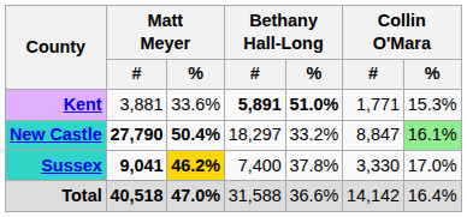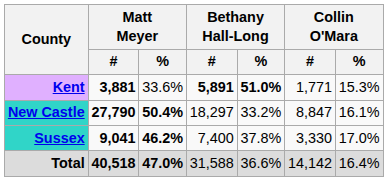 <table class="wikitable sortable" style="text-align:right;font-size:90%;line-height:1.3">
 <tr>
 <th rowspan="2">County</th>
 <th colspan="2">Matt<br>Meyer</th>
 <th colspan="2">Bethany<br>Hall-Long</th>
 <th colspan="2">Collin<br>O'Mara</th>
 </tr>
 <tr>
 <th data-sort-type="number" style="text-align:center;">#</th>
 <th data-sort-type="number" style="text-align:center;">%</th>
 <th data-sort-type="number" style="text-align:center;">#</th>
 <th data-sort-type="number" style="text-align:center;">%</th>
 <th data-sort-type="number" style="text-align:center;">#</th>
 <th data-sort-type="number" style="text-align:center;">%</th>
 </tr>
 <tr>
 <td style="background:#E0B0FF;"><strong><a href='#'>Kent</a></strong></td>
-<td>3,881</td>
+<td><strong>3,881</strong></td>
 <td>33.6%</td>
 <td><strong>5,891</strong></td>
 <td><strong>51.0%</strong></td>
 <td>1,771</td>
 <td>15.3%</td>
 </tr>
 <tr>
 <td style="background:#30D5C8;"><strong><a href='#'>New Castle</a></strong></td>
 <td><strong>27,790</strong></td>
 <td><strong>50.4%</strong></td>
 <td>18,297</td>
 <td>33.2%</td>
 <td>8,847</td>
-<td style="background: lightgreen;">16.1%</td>
+<td>16.1%</td>
 </tr>
 <tr>
 <td style="background:#30D5C8;"><strong><a href='#'>Sussex</a></strong></td>
 <td><strong>9,041</strong></td>
-<td style="background: gold;"><strong>46.2%</strong></td>
+<td><strong>46.2%</strong></td>
 <td>7,400</td>
 <td>37.8%</td>
 <td>3,330</td>
 <td>17.0%</td>
 </tr>
 <tr>
 <td style="background:#DCDCDC;"><strong>Total</strong></td>
 <td style="background:#DCDCDC;"><strong>40,518</strong></td>
 <td style="background:#DCDCDC;"><strong>47.0%</strong></td>
 <td style="background:#DCDCDC;">31,588</td>
 <td style="background:#DCDCDC;">36.6%</td>
 <td style="background:#DCDCDC;">14,142</td>
 <td style="background:#DCDCDC;">16.4%</td>
 </tr>
 </table>
